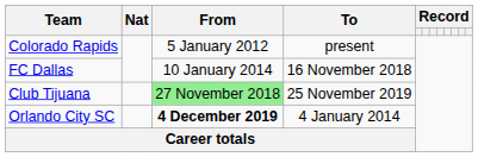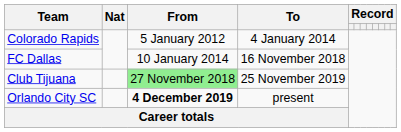 <table class="wikitable" style="text-align: center">
 <tr>
 <th rowspan="2">Team</th>
 <th rowspan="2">Nat</th>
 <th rowspan="2">From</th>
 <th rowspan="2">To</th>
 <th colspan="8">Record</th>
 </tr>
 <tr>
 <th></th>
 <th></th>
 <th></th>
 <th></th>
 <th></th>
 <th></th>
 <th></th>
 <th></th>
 </tr>
 <tr>
 <td align="left"><a href='#'>Colorado Rapids</a></td>
 <td rowspan="2"></td>
 <td>5 January 2012</td>
-<td>present<br></td>
+<td>4 January 2014<br></td>
 </tr>
 <tr>
 <td align="left"><a href='#'>FC Dallas</a></td>
 <td>10 January 2014</td>
 <td>16 November 2018<br></td>
 </tr>
 <tr>
 <td align="left"><a href='#'>Club Tijuana</a></td>
 <td></td>
 <td style="background: lightgreen;">27 November 2018</td>
 <td>25 November 2019<br></td>
 </tr>
 <tr>
 <td align="left"><a href='#'>Orlando City SC</a></td>
 <td></td>
 <td><strong>4 December 2019</strong></td>
-<td>4 January 2014<br></td>
+<td>present<br></td>
 </tr>
 <tr>
 <th colspan="4">Career totals<br></th>
 </tr>
 </table>
